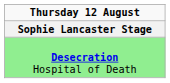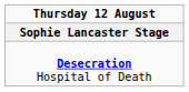 <table class="wikitable">
 <tr>
 <td colspan="1" align="center"><strong>Thursday 12 August</strong></td>
 </tr>
 <tr>
 <th>Sophie Lancaster Stage</th>
 </tr>
 <tr>
-<td valign="top" align="center" width=200 style="background: lightgreen;"><br><strong><a href='#'>Desecration</a></strong><br> Hospital of Death<br></td>
+<td valign="top" align="center" width=200><br><strong><a href='#'>Desecration</a></strong><br> Hospital of Death<br></td>
 </tr>
 </table>
